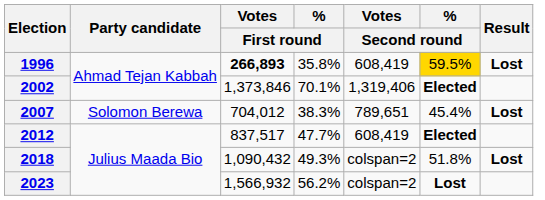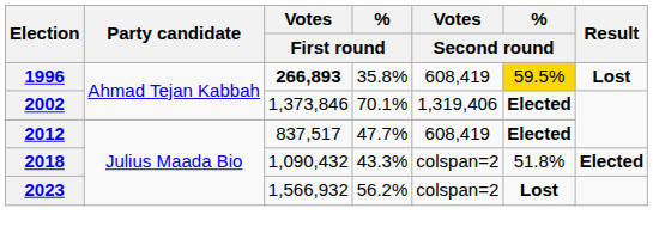 <table class="wikitable" style="text-align:center">
 <tr>
 <th rowspan="2">Election</th>
 <th rowspan="2">Party candidate</th>
 <th>Votes</th>
 <th>%</th>
 <th>Votes</th>
 <th>%</th>
 <th rowspan="2">Result</th>
 </tr>
 <tr>
 <th colspan="2">First round</th>
 <th colspan="2">Second round</th>
 </tr>
 <tr>
 <th><a href='#'>1996</a></th>
 <td rowspan="2"><a href='#'>Ahmad Tejan Kabbah</a></td>
 <td><strong>266,893</strong></td>
 <td>35.8%</td>
 <td>608,419</td>
 <td style="background: gold;">59.5%</td>
 <td><strong>Lost</strong> </td>
 </tr>
 <tr>
 <th><a href='#'>2002</a></th>
 <td>1,373,846</td>
 <td>70.1%</td>
 <td>1,319,406</td>
 <td><strong>Elected</strong> </td>
 </tr>
 <tr>
-<th><a href='#'>2007</a></th>
-<td><a href='#'>Solomon Berewa</a></td>
-<td>704,012</td>
-<td>38.3%</td>
-<td>789,651</td>
-<td>45.4%</td>
-<td><strong>Lost</strong> </td>
-</tr>
-<tr>
 <th><a href='#'>2012</a></th>
 <td rowspan="3"><a href='#'>Julius Maada Bio</a></td>
 <td>837,517</td>
 <td>47.7%</td>
 <td>608,419</td>
 <td><strong>Elected</strong> </td>
 </tr>
 <tr>
 <th><a href='#'>2018</a></th>
 <td>1,090,432</td>
-<td>49.3%</td>
+<td>43.3%</td>
 <td>colspan=2 </td>
 <td>51.8%</td>
-<td><strong>Lost</strong> </td>
+<td><strong>Elected</strong> </td>
 </tr>
 <tr>
 <th><a href='#'>2023</a></th>
 <td>1,566,932</td>
 <td>56.2%</td>
 <td>colspan=2 </td>
 <td><strong>Lost</strong> </td>
 </tr>
 </table>
